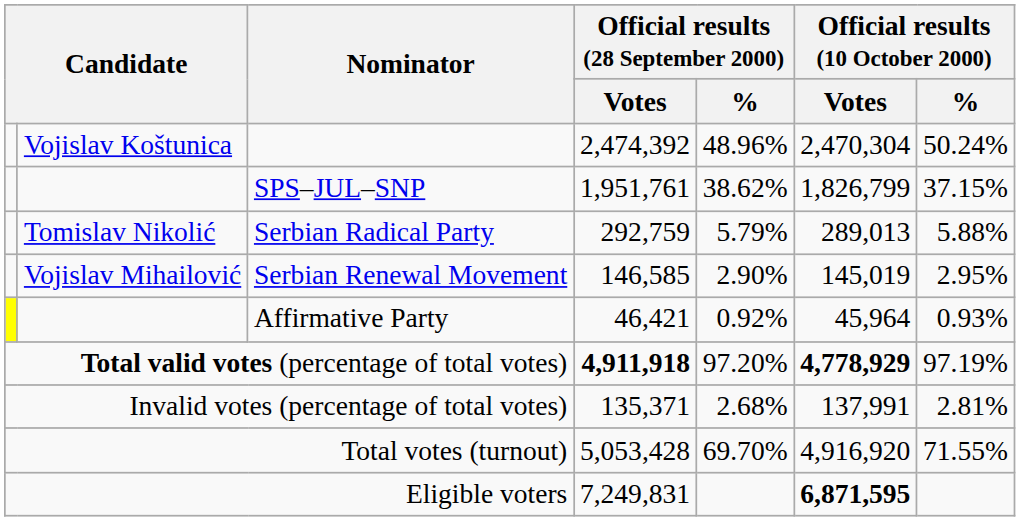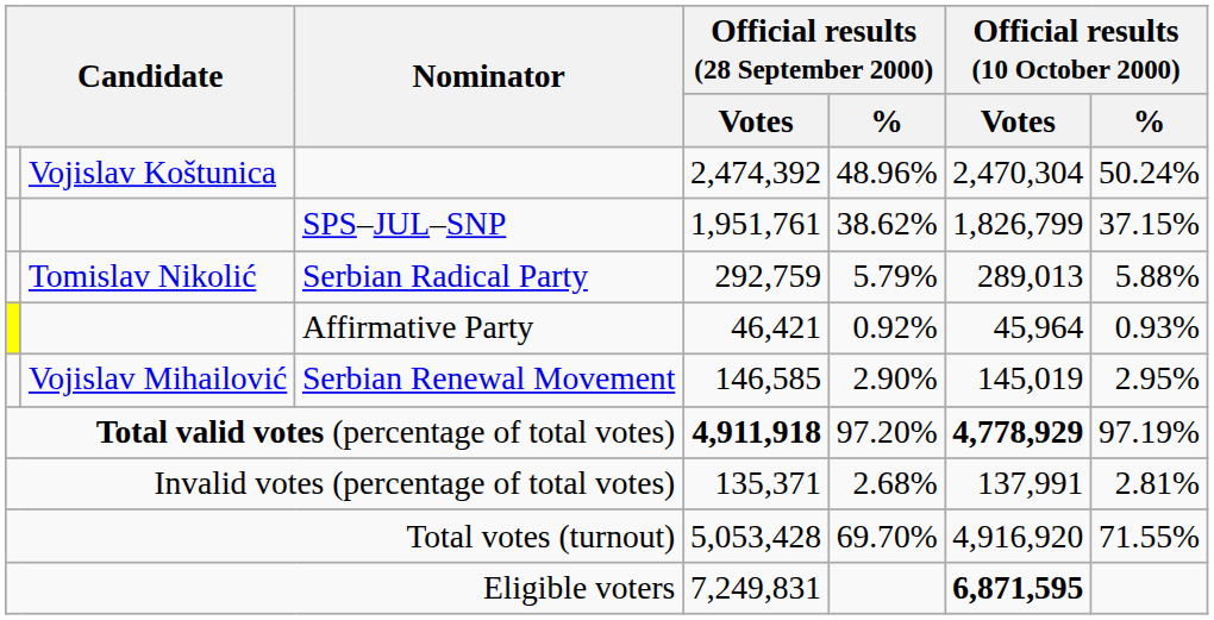 <table class=wikitable style="text-align:right">
 <tr>
 <th colspan=2 rowspan=2>Candidate</th>
 <th rowspan=2>Nominator</th>
 <th colspan=2>Official results<br><small>(28 September 2000)</small></th>
 <th colspan=2>Official results<br><small>(10 October 2000)</small></th>
 </tr>
 <tr>
 <th>Votes</th>
 <th>%</th>
 <th>Votes</th>
 <th>%</th>
 </tr>
 <tr>
 <td style="background:"></td>
 <td align=left><a href='#'>Vojislav Koštunica</a></td>
 <td align=left></td>
 <td>2,474,392</td>
 <td>48.96%</td>
 <td>2,470,304</td>
 <td>50.24%</td>
 </tr>
 <tr>
 <td style="background:"></td>
 <td align=left></td>
 <td align=left><a href='#'>SPS</a>–<a href='#'>JUL</a>–<a href='#'>SNP</a></td>
 <td>1,951,761</td>
 <td>38.62%</td>
 <td>1,826,799</td>
 <td>37.15%</td>
 </tr>
 <tr>
 <td style="background:"></td>
 <td align=left><a href='#'>Tomislav Nikolić</a></td>
 <td align=left><a href='#'>Serbian Radical Party</a></td>
 <td>292,759</td>
 <td>5.79%</td>
 <td>289,013</td>
 <td>5.88%</td>
 </tr>
 <tr>
+<td style="background:#ff0"></td>
+<td align=left></td>
+<td align=left>Affirmative Party</td>
+<td>46,421</td>
+<td>0.92%</td>
+<td>45,964</td>
+<td>0.93%</td>
+</tr>
+<tr>
 <td style="background:"></td>
 <td align=left><a href='#'>Vojislav Mihailović</a></td>
 <td align=left><a href='#'>Serbian Renewal Movement</a></td>
 <td>146,585</td>
 <td>2.90%</td>
 <td>145,019</td>
 <td>2.95%</td>
-</tr>
-<tr>
-<td style="background:#ff0"></td>
-<td align=left></td>
-<td align=left>Affirmative Party</td>
-<td>46,421</td>
-<td>0.92%</td>
-<td>45,964</td>
-<td>0.93%</td>
 </tr>
 <tr>
 <td align=right colspan=3><strong>Total valid votes</strong> (percentage of total votes)</td>
 <td><strong>4,911,918</strong></td>
 <td>97.20%</td>
 <td><strong>4,778,929</strong></td>
 <td>97.19%</td>
 </tr>
 <tr>
 <td align=right colspan=3>Invalid votes (percentage of total votes)</td>
 <td>135,371</td>
 <td>2.68%</td>
 <td>137,991</td>
 <td>2.81%</td>
 </tr>
 <tr>
 <td align=right colspan=3>Total votes (turnout)</td>
 <td>5,053,428</td>
 <td>69.70%</td>
 <td>4,916,920</td>
 <td>71.55%</td>
 </tr>
 <tr>
 <td align=right colspan=3>Eligible voters</td>
 <td>7,249,831</td>
 <td> </td>
 <td><strong>6,871,595</strong></td>
 <td> </td>
 </tr>
 </table>
